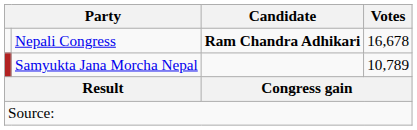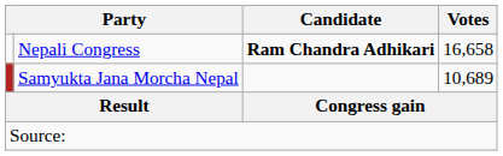 <table class="wikitable">
 <tr>
 <th colspan="2">Party</th>
 <th>Candidate</th>
 <th>Votes</th>
 </tr>
 <tr>
 <td style="background-color:"></td>
 <td><a href='#'>Nepali Congress</a></td>
 <td><strong>Ram Chandra Adhikari</strong></td>
-<td>16,678</td>
+<td>16,658</td>
 </tr>
 <tr>
 <td style="background-color:firebrick"></td>
 <td><a href='#'>Samyukta Jana Morcha Nepal</a></td>
 <td></td>
-<td>10,789</td>
+<td>10,689</td>
 </tr>
 <tr>
 <th colspan="2">Result</th>
 <th colspan="2">Congress gain</th>
 </tr>
 <tr>
 <td colspan="4">Source: </td>
 </tr>
 </table>
